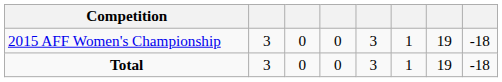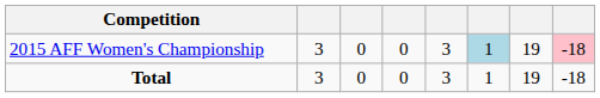 <table class="wikitable" style="text-align: center;">
 <tr>
 <th width=250>Competition</th>
 <th width=30></th>
 <th width=30></th>
 <th width=30></th>
 <th width=30></th>
 <th width=30></th>
 <th width=30></th>
 <th width=30></th>
 </tr>
 <tr>
 <td align="left"><a href='#'>2015 AFF Women's Championship</a></td>
 <td>3</td>
 <td>0</td>
 <td>0</td>
 <td>3</td>
-<td>1</td>
+<td style="background: lightblue;">1</td>
 <td>19</td>
-<td>-18</td>
+<td style="background: pink;">-18</td>
 </tr>
 <tr>
 <td><strong>Total</strong></td>
 <td>3</td>
 <td>0</td>
 <td>0</td>
 <td>3</td>
 <td>1</td>
 <td>19</td>
 <td>-18</td>
 </tr>
 </table>
